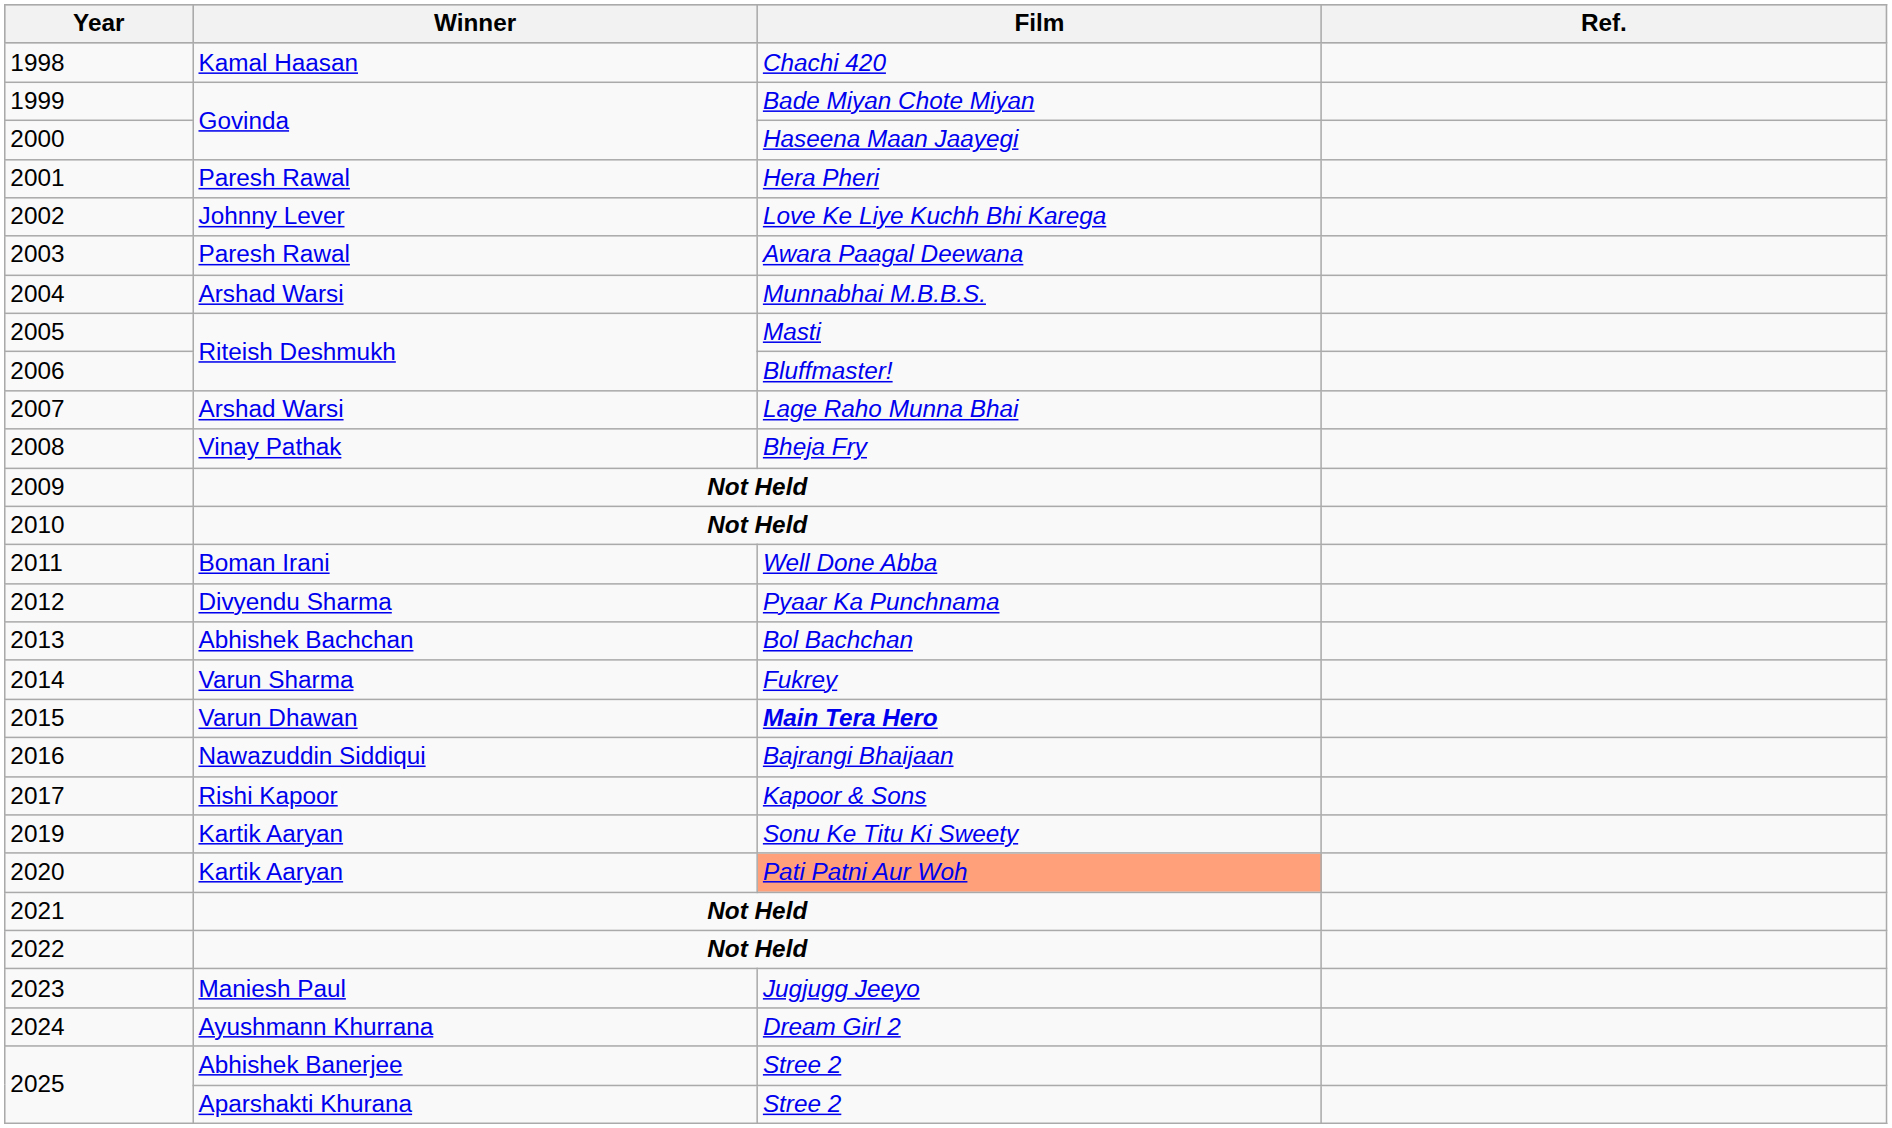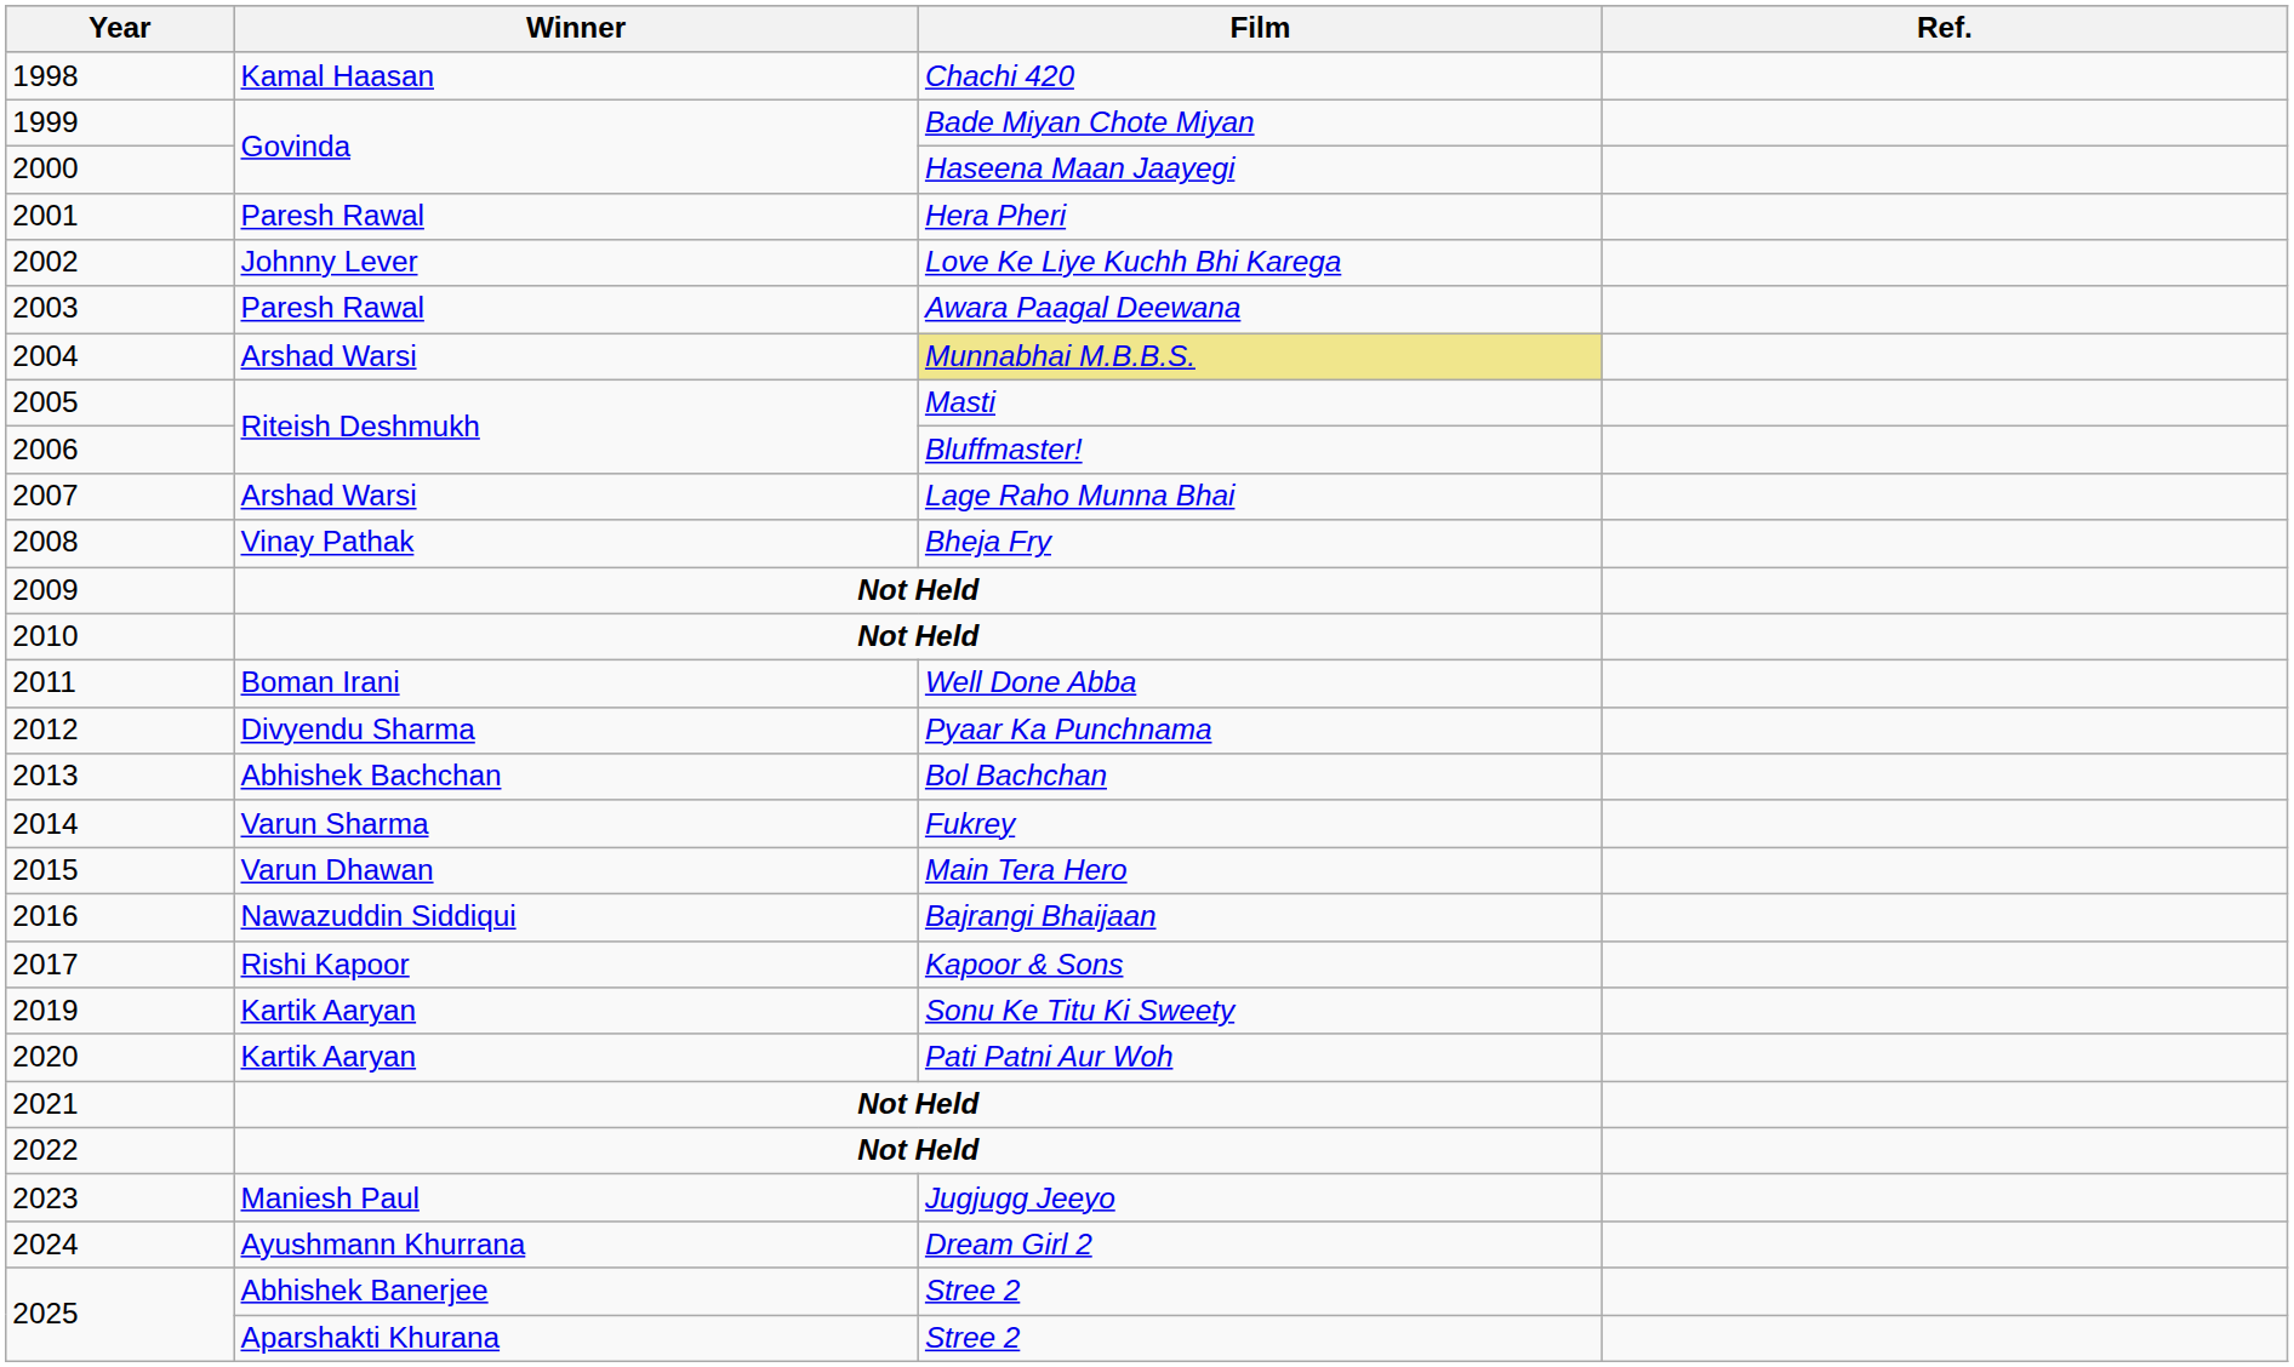 <table class="wikitable" style="width:98%;">
 <tr style="background:#bebebe;">
 <th style="width:10%;">Year</th>
 <th style="width:30%;">Winner</th>
 <th style="width:30%;">Film</th>
 <th>Ref.</th>
 </tr>
 <tr>
 <td>1998</td>
 <td><a href='#'>Kamal Haasan</a></td>
 <td><em><a href='#'>Chachi 420</a></em></td>
 <td></td>
 </tr>
 <tr>
 <td>1999</td>
 <td rowspan="2"><a href='#'>Govinda</a></td>
 <td><em><a href='#'>Bade Miyan Chote Miyan</a></em></td>
 <td></td>
 </tr>
 <tr>
 <td>2000</td>
 <td><em><a href='#'>Haseena Maan Jaayegi</a></em></td>
 <td></td>
 </tr>
 <tr>
 <td>2001</td>
 <td><a href='#'>Paresh Rawal</a></td>
 <td><em><a href='#'>Hera Pheri</a></em></td>
 <td></td>
 </tr>
 <tr>
 <td>2002</td>
 <td><a href='#'>Johnny Lever</a></td>
 <td><em><a href='#'>Love Ke Liye Kuchh Bhi Karega</a></em></td>
 <td></td>
 </tr>
 <tr>
 <td>2003</td>
 <td><a href='#'>Paresh Rawal</a></td>
 <td><em><a href='#'>Awara Paagal Deewana</a></em></td>
 <td></td>
 </tr>
 <tr>
 <td>2004</td>
 <td><a href='#'>Arshad Warsi</a></td>
-<td><em><a href='#'>Munnabhai M.B.B.S.</a></em></td>
+<td style="background: khaki;"><em><a href='#'>Munnabhai M.B.B.S.</a></em></td>
 <td></td>
 </tr>
 <tr>
 <td>2005</td>
 <td rowspan="2"><a href='#'>Riteish Deshmukh</a></td>
 <td><em><a href='#'>Masti</a></em></td>
 <td></td>
 </tr>
 <tr>
 <td>2006</td>
 <td><em><a href='#'>Bluffmaster!</a></em></td>
 <td></td>
 </tr>
 <tr>
 <td>2007</td>
 <td><a href='#'>Arshad Warsi</a></td>
 <td><em><a href='#'>Lage Raho Munna Bhai</a></em></td>
 <td></td>
 </tr>
 <tr>
 <td>2008</td>
 <td><a href='#'>Vinay Pathak</a></td>
 <td><em><a href='#'>Bheja Fry</a></em></td>
 <td></td>
 </tr>
 <tr>
 <td>2009</td>
 <td colspan="2" style="text-align:center;"><strong><em>Not Held</em></strong></td>
 <td></td>
 </tr>
 <tr>
 <td>2010</td>
 <td colspan="2" style="text-align:center;"><strong><em>Not Held</em></strong></td>
 <td></td>
 </tr>
 <tr>
 <td>2011</td>
 <td><a href='#'>Boman Irani</a></td>
 <td><em><a href='#'>Well Done Abba</a></em></td>
 <td></td>
 </tr>
 <tr>
 <td>2012</td>
 <td><a href='#'>Divyendu Sharma</a></td>
 <td><em><a href='#'>Pyaar Ka Punchnama</a></em></td>
 <td></td>
 </tr>
 <tr>
 <td>2013</td>
 <td><a href='#'>Abhishek Bachchan</a></td>
 <td><em><a href='#'>Bol Bachchan</a></em></td>
 <td></td>
 </tr>
 <tr>
 <td>2014</td>
 <td><a href='#'>Varun Sharma</a></td>
 <td><em><a href='#'>Fukrey</a></em></td>
 <td></td>
 </tr>
 <tr>
 <td>2015</td>
 <td><a href='#'>Varun Dhawan</a></td>
-<td><strong><em><a href='#'>Main Tera Hero</a></em></strong></td>
+<td><em><a href='#'>Main Tera Hero</a></em></td>
 <td></td>
 </tr>
 <tr>
 <td>2016</td>
 <td><a href='#'>Nawazuddin Siddiqui</a></td>
 <td><em><a href='#'>Bajrangi Bhaijaan</a></em></td>
 <td></td>
 </tr>
 <tr>
 <td>2017</td>
 <td><a href='#'>Rishi Kapoor</a></td>
 <td><em><a href='#'>Kapoor & Sons</a></em></td>
 <td></td>
 </tr>
 <tr>
 <td>2019</td>
 <td><a href='#'>Kartik Aaryan</a></td>
 <td><em><a href='#'>Sonu Ke Titu Ki Sweety</a></em></td>
 <td></td>
 </tr>
 <tr>
 <td>2020</td>
 <td><a href='#'>Kartik Aaryan</a></td>
-<td style="background: lightsalmon;"><em><a href='#'>Pati Patni Aur Woh</a></em></td>
+<td><em><a href='#'>Pati Patni Aur Woh</a></em></td>
 <td></td>
 </tr>
 <tr>
 <td>2021</td>
 <td colspan="2" style="text-align:center;"><strong><em>Not Held</em></strong></td>
 <td></td>
 </tr>
 <tr>
 <td>2022</td>
 <td colspan="2" style="text-align:center;"><strong><em>Not Held</em></strong></td>
 <td></td>
 </tr>
 <tr>
 <td>2023</td>
 <td><a href='#'>Maniesh Paul</a></td>
 <td><em><a href='#'>Jugjugg Jeeyo</a></em></td>
 <td></td>
 </tr>
 <tr>
 <td>2024</td>
 <td><a href='#'>Ayushmann Khurrana</a></td>
 <td><em><a href='#'>Dream Girl 2</a></em></td>
 <td></td>
 </tr>
 <tr>
 <td rowspan="2">2025</td>
 <td><a href='#'>Abhishek Banerjee</a></td>
 <td><em><a href='#'>Stree 2</a></em></td>
 <td></td>
 </tr>
 <tr>
 <td><a href='#'>Aparshakti Khurana</a></td>
 <td><em><a href='#'>Stree 2</a></em></td>
 <td></td>
 </tr>
 <tr>
 </tr>
 </table>
